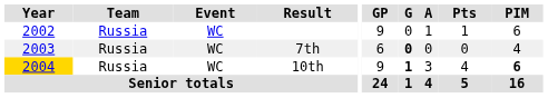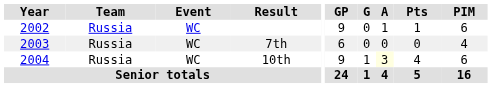 <table border="0" cellpadding="1" cellspacing="0" ID="Table3" style="text-align:center; width:40em">
 <tr ALIGN="center" bgcolor="#e0e0e0">
 <th>Year</th>
 <th>Team</th>
 <th>Event</th>
 <th>Result</th>
 <th rowspan="99" bgcolor="#ffffff"></th>
 <th>GP</th>
 <th>G</th>
 <th>A</th>
 <th>Pts</th>
 <th>PIM</th>
 </tr>
 <tr>
 <td><a href='#'>2002</a></td>
 <td><a href='#'>Russia</a></td>
 <td><a href='#'>WC</a></td>
 <td></td>
 <td>9</td>
 <td>0</td>
 <td>1</td>
 <td>1</td>
 <td>6</td>
 </tr>
 <tr bgcolor="#f0f0f0">
 <td><a href='#'>2003</a></td>
 <td>Russia</td>
 <td>WC</td>
 <td>7th</td>
 <td>6</td>
-<td><strong>0</strong></td>
+<td>0</td>
 <td>0</td>
 <td>0</td>
 <td>4</td>
 </tr>
 <tr>
-<td style="background: gold;"><a href='#'>2004</a></td>
+<td><a href='#'>2004</a></td>
 <td>Russia</td>
 <td>WC</td>
 <td>10th</td>
 <td>9</td>
-<td><strong>1</strong></td>
-<td>3</td>
+<td>1</td>
+<td style="background: lightyellow;">3</td>
 <td>4</td>
-<td><strong>6</strong></td>
+<td>6</td>
 </tr>
 <tr bgcolor="#e0e0e0">
 <th colspan="4">Senior totals</th>
 <th>24</th>
 <th>1</th>
 <th>4</th>
 <th>5</th>
 <th>16</th>
 </tr>
 </table>
